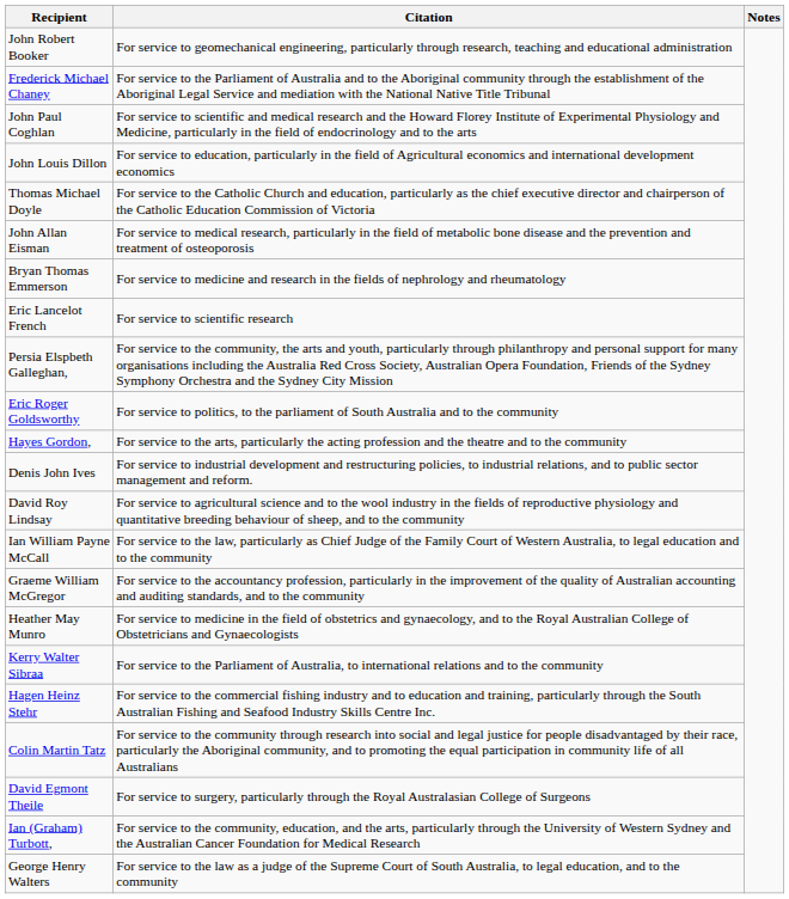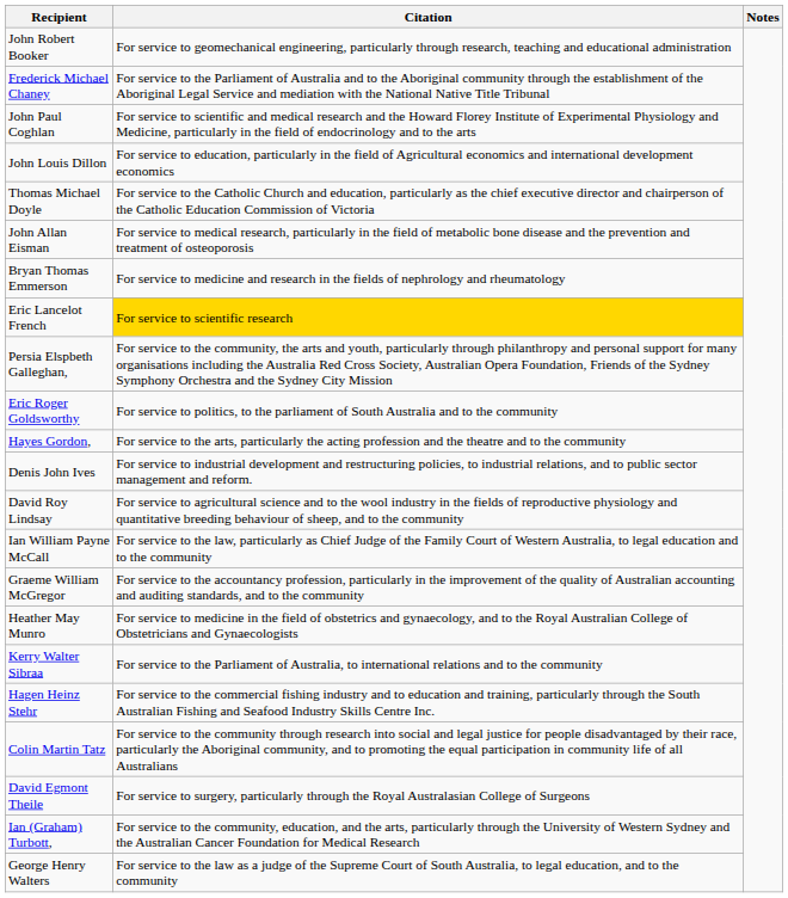 <table class="wikitable" style="font-size:95%;">
 <tr>
 <th>Recipient</th>
 <th>Citation</th>
 <th>Notes</th>
 </tr>
 <tr>
 <td> John Robert Booker</td>
 <td>For service to geomechanical engineering, particularly through research, teaching and educational administration</td>
 <td rowspan="22"></td>
 </tr>
 <tr>
 <td> <a href='#'>Frederick Michael Chaney</a></td>
 <td>For service to the Parliament of Australia and to the Aboriginal community through the establishment of the Aboriginal Legal Service and mediation with the National Native Title Tribunal</td>
 </tr>
 <tr>
 <td> John Paul Coghlan</td>
 <td>For service to scientific and medical research and the Howard Florey Institute of Experimental Physiology and Medicine, particularly in the field of endocrinology and to the arts</td>
 </tr>
 <tr>
 <td> John Louis Dillon</td>
 <td>For service to education, particularly in the field of Agricultural economics and international development economics</td>
 </tr>
 <tr>
 <td> Thomas Michael Doyle</td>
 <td>For service to the Catholic Church and education, particularly as the chief executive director and chairperson of the Catholic Education Commission of Victoria</td>
 </tr>
 <tr>
 <td> John Allan Eisman</td>
 <td>For service to medical research, particularly in the field of metabolic bone disease and the prevention and treatment of osteoporosis</td>
 </tr>
 <tr>
 <td> Bryan Thomas Emmerson</td>
 <td>For service to medicine and research in the fields of nephrology and rheumatology</td>
 </tr>
 <tr>
 <td> Eric Lancelot French</td>
-<td>For service to scientific research</td>
+<td style="background: gold;">For service to scientific research</td>
 </tr>
 <tr>
 <td> Persia Elspbeth Galleghan, </td>
 <td>For service to the community, the arts and youth, particularly through philanthropy and personal support for many organisations including the Australia Red Cross Society, Australian Opera Foundation, Friends of the Sydney Symphony Orchestra and the Sydney City Mission</td>
 </tr>
 <tr>
 <td> <a href='#'>Eric Roger Goldsworthy</a></td>
 <td>For service to politics, to the parliament of South Australia and to the community</td>
 </tr>
 <tr>
 <td><a href='#'>Hayes Gordon</a>, </td>
 <td>For service to the arts, particularly the acting profession and the theatre and to the community</td>
 </tr>
 <tr>
 <td>Denis John Ives</td>
 <td>For service to industrial development and restructuring policies, to industrial relations, and to public sector management and reform.</td>
 </tr>
 <tr>
 <td> David Roy Lindsay</td>
 <td>For service to agricultural science and to the wool industry in the fields of reproductive physiology and quantitative breeding behaviour of sheep, and to the community</td>
 </tr>
 <tr>
 <td> Ian William Payne McCall</td>
 <td>For service to the law, particularly as Chief Judge of the Family Court of Western Australia, to legal education and to the community</td>
 </tr>
 <tr>
 <td>Graeme William McGregor</td>
 <td>For service to the accountancy profession, particularly in the improvement of the quality of Australian accounting and auditing standards, and to the community</td>
 </tr>
 <tr>
 <td> Heather May Munro</td>
 <td>For service to medicine in the field of obstetrics and gynaecology, and to the Royal Australian College of Obstetricians and Gynaecologists</td>
 </tr>
 <tr>
 <td> <a href='#'>Kerry Walter Sibraa</a></td>
 <td>For service to the Parliament of Australia, to international relations and to the community</td>
 </tr>
 <tr>
 <td><a href='#'>Hagen Heinz Stehr</a></td>
 <td>For service to the commercial fishing industry and to education and training, particularly through the South Australian Fishing and Seafood Industry Skills Centre Inc.</td>
 </tr>
 <tr>
 <td> <a href='#'>Colin Martin Tatz</a></td>
 <td>For service to the community through research into social and legal justice for people disadvantaged by their race, particularly the Aboriginal community, and to promoting the equal participation in community life of all Australians</td>
 </tr>
 <tr>
 <td><a href='#'>David Egmont Theile</a></td>
 <td>For service to surgery, particularly through the Royal Australasian College of Surgeons</td>
 </tr>
 <tr>
 <td> <a href='#'>Ian (Graham) Turbott</a>, </td>
 <td>For service to the community, education, and the arts, particularly through the University of Western Sydney and the Australian Cancer Foundation for Medical Research</td>
 </tr>
 <tr>
 <td> George Henry Walters</td>
 <td>For service to the law as a judge of the Supreme Court of South Australia, to legal education, and to the community</td>
 </tr>
 </table>
